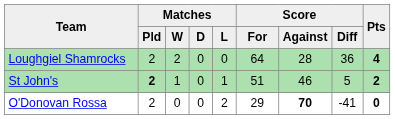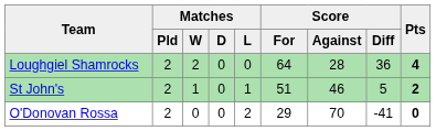 <table style=border-collapse:collapse border=1 cellspacing=0 cellpadding=5>
 <tr align=center bgcolor=#efefef>
 <th rowspan=2 width=165>Team</th>
 <th colspan=4>Matches</th>
 <th colspan=3>Score</th>
 <th rowspan=2width=20>Pts</th>
 </tr>
 <tr align=center bgcolor=#efefef>
 <th width=20>Pld</th>
 <th width=20>W</th>
 <th width=20>D</th>
 <th width=20>L</th>
 <th width=45>For</th>
 <th width=45>Against</th>
 <th width=30>Diff</th>
 </tr>
 <tr align=center  style="background:#ACE1AF;">
 <td style="text-align:left;"><a href='#'>Loughgiel Shamrocks</a></td>
 <td>2</td>
 <td>2</td>
 <td>0</td>
 <td>0</td>
 <td>64</td>
 <td>28</td>
 <td>36</td>
 <td><strong>4</strong></td>
 </tr>
 <tr align=center  style="background:#ACE1AF;">
 <td style="text-align:left;"><a href='#'>St John's</a></td>
-<td><strong>2</strong></td>
+<td>2</td>
 <td>1</td>
 <td>0</td>
 <td>1</td>
 <td>51</td>
 <td>46</td>
 <td>5</td>
 <td><strong>2</strong></td>
 </tr>
 <tr align=center>
 <td style="text-align:left;"><a href='#'>O'Donovan Rossa</a></td>
 <td>2</td>
 <td>0</td>
 <td>0</td>
 <td>2</td>
 <td>29</td>
-<td><strong>70</strong></td>
+<td>70</td>
 <td>-41</td>
 <td><strong>0</strong></td>
 </tr>
 </table>
